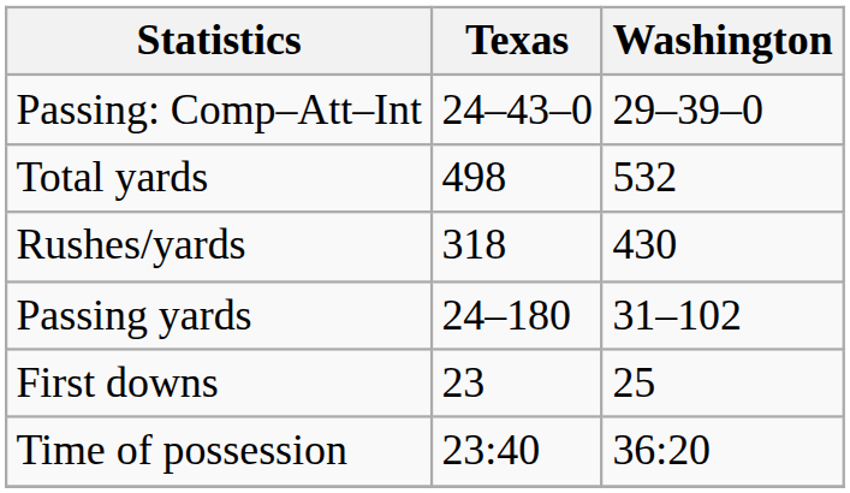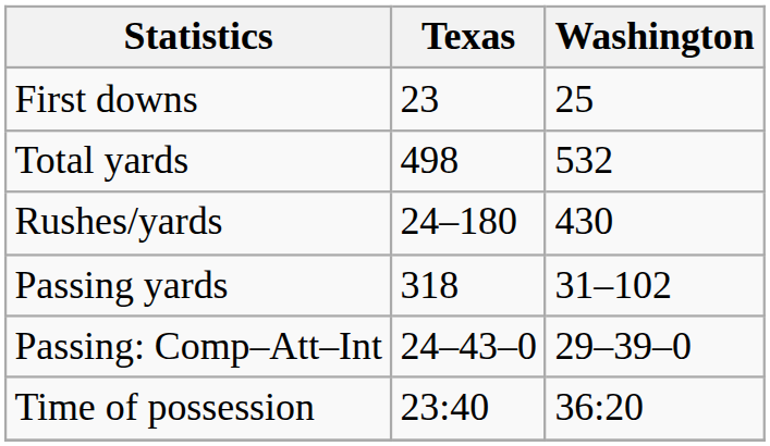 <table class="wikitable" style="float: left;">
 <tr>
 <th>Statistics</th>
 <th>Texas</th>
 <th>Washington</th>
 </tr>
 <tr>
-<td>Passing: Comp–Att–Int</td>
-<td>24–43–0</td>
-<td>29–39–0</td>
+<td>First downs</td>
+<td>23</td>
+<td>25</td>
 </tr>
 <tr>
 <td>Total yards</td>
 <td>498</td>
 <td>532</td>
 </tr>
 <tr>
 <td>Rushes/yards</td>
-<td>318</td>
+<td>24–180</td>
 <td>430</td>
 </tr>
 <tr>
 <td>Passing yards</td>
-<td>24–180</td>
+<td>318</td>
 <td>31–102</td>
 </tr>
 <tr>
-<td>First downs</td>
-<td>23</td>
-<td>25</td>
+<td>Passing: Comp–Att–Int</td>
+<td>24–43–0</td>
+<td>29–39–0</td>
 </tr>
 <tr>
 <td>Time of possession</td>
 <td>23:40</td>
 <td>36:20</td>
 </tr>
 <tr>
 </tr>
 </table>
